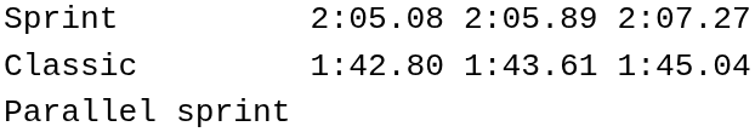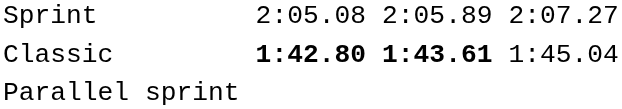 <table>
 <tr>
 <td>Sprint</td>
 <td></td>
 <td>2:05.08</td>
 <td></td>
 <td>2:05.89</td>
 <td></td>
 <td>2:07.27</td>
 </tr>
 <tr>
 <td>Classic</td>
 <td></td>
-<td>1:42.80</td>
+<td><strong>1:42.80</strong></td>
 <td></td>
-<td>1:43.61</td>
+<td><strong>1:43.61</strong></td>
 <td></td>
 <td>1:45.04</td>
 </tr>
 <tr>
 <td>Parallel sprint</td>
 <td colspan="2"></td>
 <td colspan="2"></td>
 <td colspan="2"></td>
 </tr>
 </table>
